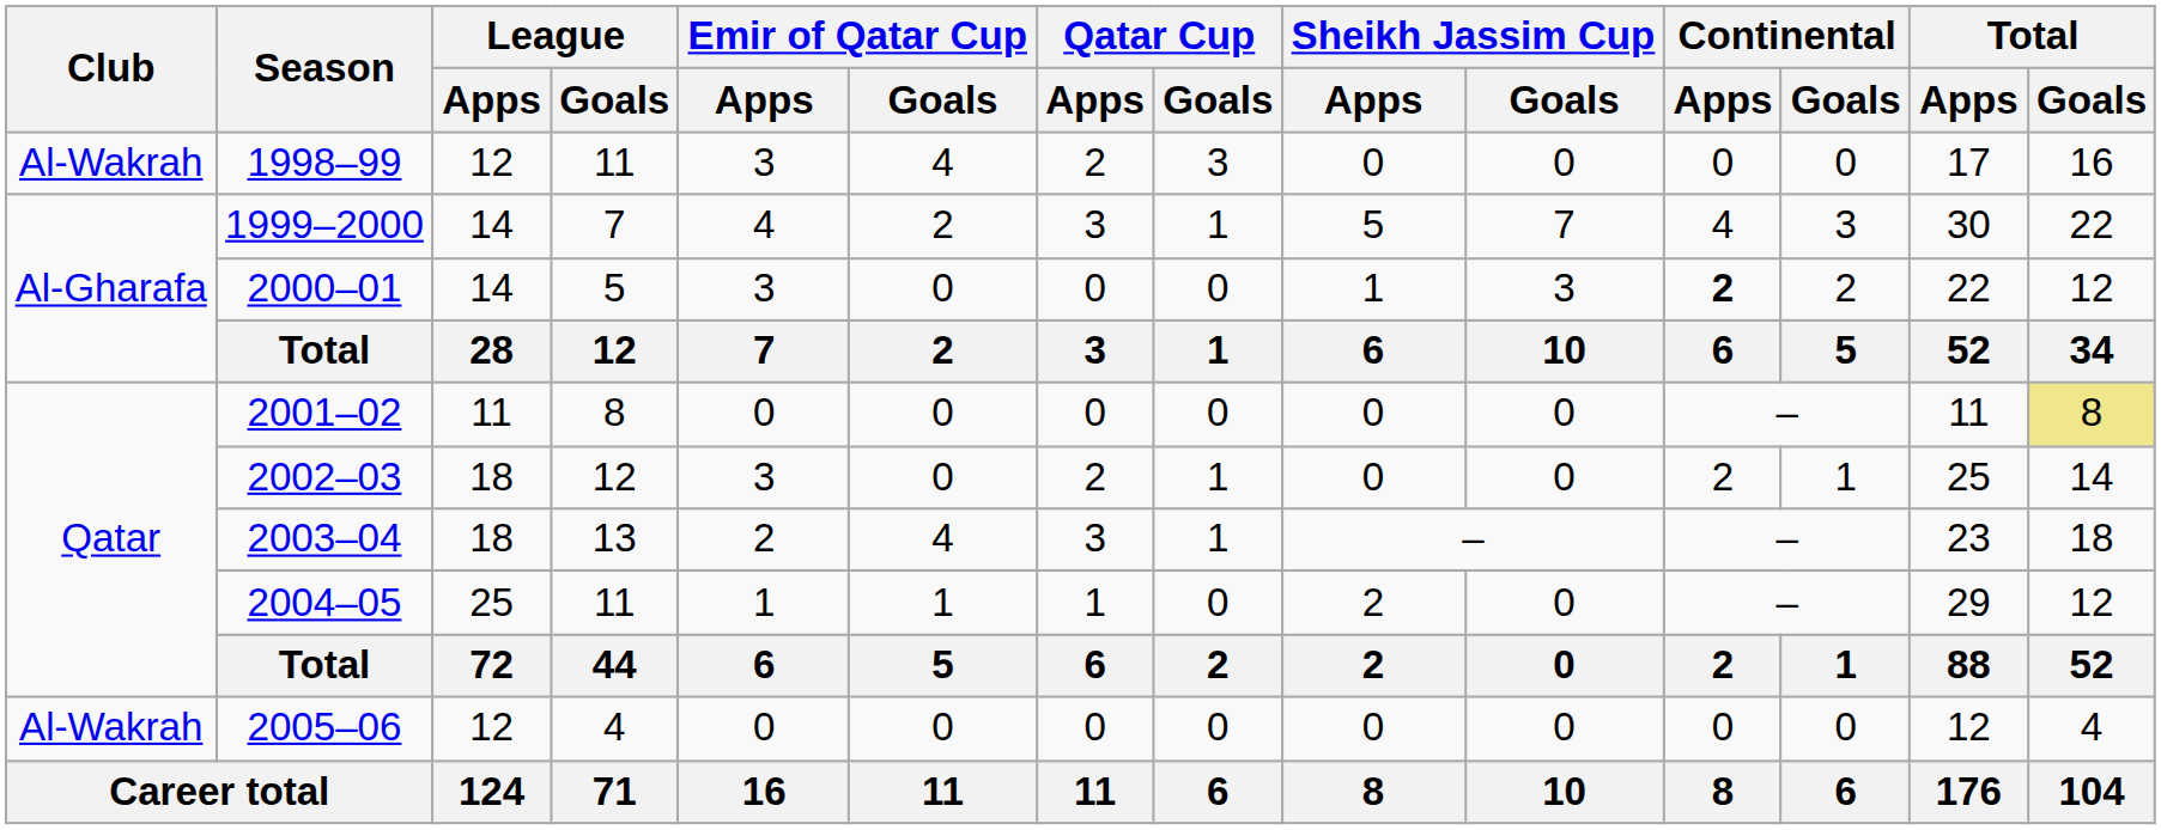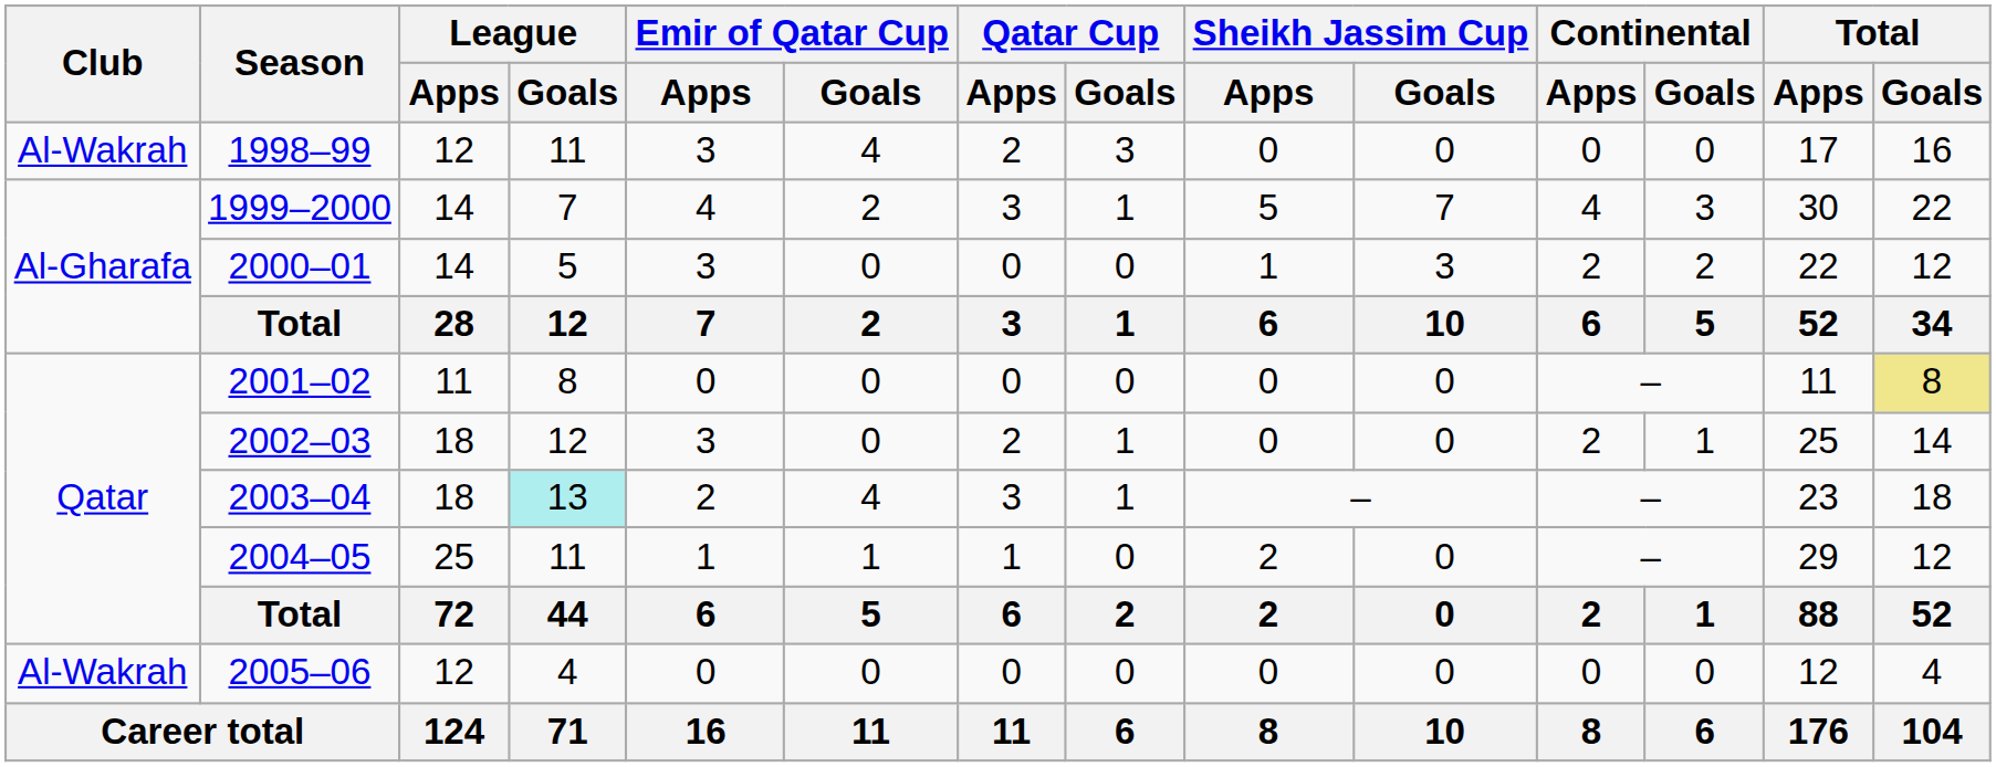 <table class="wikitable" style="text-align:center">
 <tr>
 <th rowspan="2">Club</th>
 <th rowspan="2">Season</th>
 <th colspan="2">League</th>
 <th colspan="2"><a href='#'>Emir of Qatar Cup</a></th>
 <th colspan="2"><a href='#'>Qatar Cup</a></th>
 <th colspan="2"><a href='#'>Sheikh Jassim Cup</a></th>
 <th colspan="2">Continental</th>
 <th colspan="3">Total</th>
 </tr>
 <tr>
 <th>Apps</th>
 <th>Goals</th>
 <th>Apps</th>
 <th>Goals</th>
 <th>Apps</th>
 <th>Goals</th>
 <th>Apps</th>
 <th>Goals</th>
 <th>Apps</th>
 <th>Goals</th>
 <th>Apps</th>
 <th>Goals</th>
 </tr>
 <tr>
 <td><a href='#'>Al-Wakrah</a></td>
 <td><a href='#'>1998–99</a></td>
 <td>12</td>
 <td>11</td>
 <td>3</td>
 <td>4</td>
 <td>2</td>
 <td>3</td>
 <td>0</td>
 <td>0</td>
 <td>0</td>
 <td>0</td>
 <td>17</td>
 <td>16</td>
 </tr>
 <tr>
 <td rowspan="3"><a href='#'>Al-Gharafa</a></td>
 <td><a href='#'>1999–2000</a></td>
 <td>14</td>
 <td>7</td>
 <td>4</td>
 <td>2</td>
 <td>3</td>
 <td>1</td>
 <td>5</td>
 <td>7</td>
 <td>4</td>
 <td>3</td>
 <td>30</td>
 <td>22</td>
 </tr>
 <tr>
 <td><a href='#'>2000–01</a></td>
 <td>14</td>
 <td>5</td>
 <td>3</td>
 <td>0</td>
 <td>0</td>
 <td>0</td>
 <td>1</td>
 <td>3</td>
-<td><strong>2</strong></td>
+<td>2</td>
 <td>2</td>
 <td>22</td>
 <td>12</td>
 </tr>
 <tr>
 <th>Total</th>
 <th>28</th>
 <th>12</th>
 <th>7</th>
 <th>2</th>
 <th>3</th>
 <th>1</th>
 <th>6</th>
 <th>10</th>
 <th>6</th>
 <th>5</th>
 <th>52</th>
 <th>34</th>
 </tr>
 <tr>
 <td rowspan="5"><a href='#'>Qatar</a></td>
 <td><a href='#'>2001–02</a></td>
 <td>11</td>
 <td>8</td>
 <td>0</td>
 <td>0</td>
 <td>0</td>
 <td>0</td>
 <td>0</td>
 <td>0</td>
 <td colspan="2">–</td>
 <td>11</td>
 <td style="background: khaki;">8</td>
 </tr>
 <tr>
 <td><a href='#'>2002–03</a></td>
 <td>18</td>
 <td>12</td>
 <td>3</td>
 <td>0</td>
 <td>2</td>
 <td>1</td>
 <td>0</td>
 <td>0</td>
 <td>2</td>
 <td>1</td>
 <td>25</td>
 <td>14</td>
 </tr>
 <tr>
 <td><a href='#'>2003–04</a></td>
 <td>18</td>
-<td>13</td>
+<td style="background: paleturquoise;">13</td>
 <td>2</td>
 <td>4</td>
 <td>3</td>
 <td>1</td>
 <td colspan="2">–</td>
 <td colspan="2">–</td>
 <td>23</td>
 <td>18</td>
 </tr>
 <tr>
 <td><a href='#'>2004–05</a></td>
 <td>25</td>
 <td>11</td>
 <td>1</td>
 <td>1</td>
 <td>1</td>
 <td>0</td>
 <td>2</td>
 <td>0</td>
 <td colspan="2">–</td>
 <td>29</td>
 <td>12</td>
 </tr>
 <tr>
 <th>Total</th>
 <th>72</th>
 <th>44</th>
 <th>6</th>
 <th>5</th>
 <th>6</th>
 <th>2</th>
 <th>2</th>
 <th>0</th>
 <th>2</th>
 <th>1</th>
 <th>88</th>
 <th>52</th>
 </tr>
 <tr>
 <td><a href='#'>Al-Wakrah</a></td>
 <td><a href='#'>2005–06</a></td>
 <td>12</td>
 <td>4</td>
 <td>0</td>
 <td>0</td>
 <td>0</td>
 <td>0</td>
 <td>0</td>
 <td>0</td>
 <td>0</td>
 <td>0</td>
 <td>12</td>
 <td>4</td>
 </tr>
 <tr>
 <th colspan="2">Career total</th>
 <th>124</th>
 <th>71</th>
 <th>16</th>
 <th>11</th>
 <th>11</th>
 <th>6</th>
 <th>8</th>
 <th>10</th>
 <th>8</th>
 <th>6</th>
 <th>176</th>
 <th>104</th>
 </tr>
 </table>
